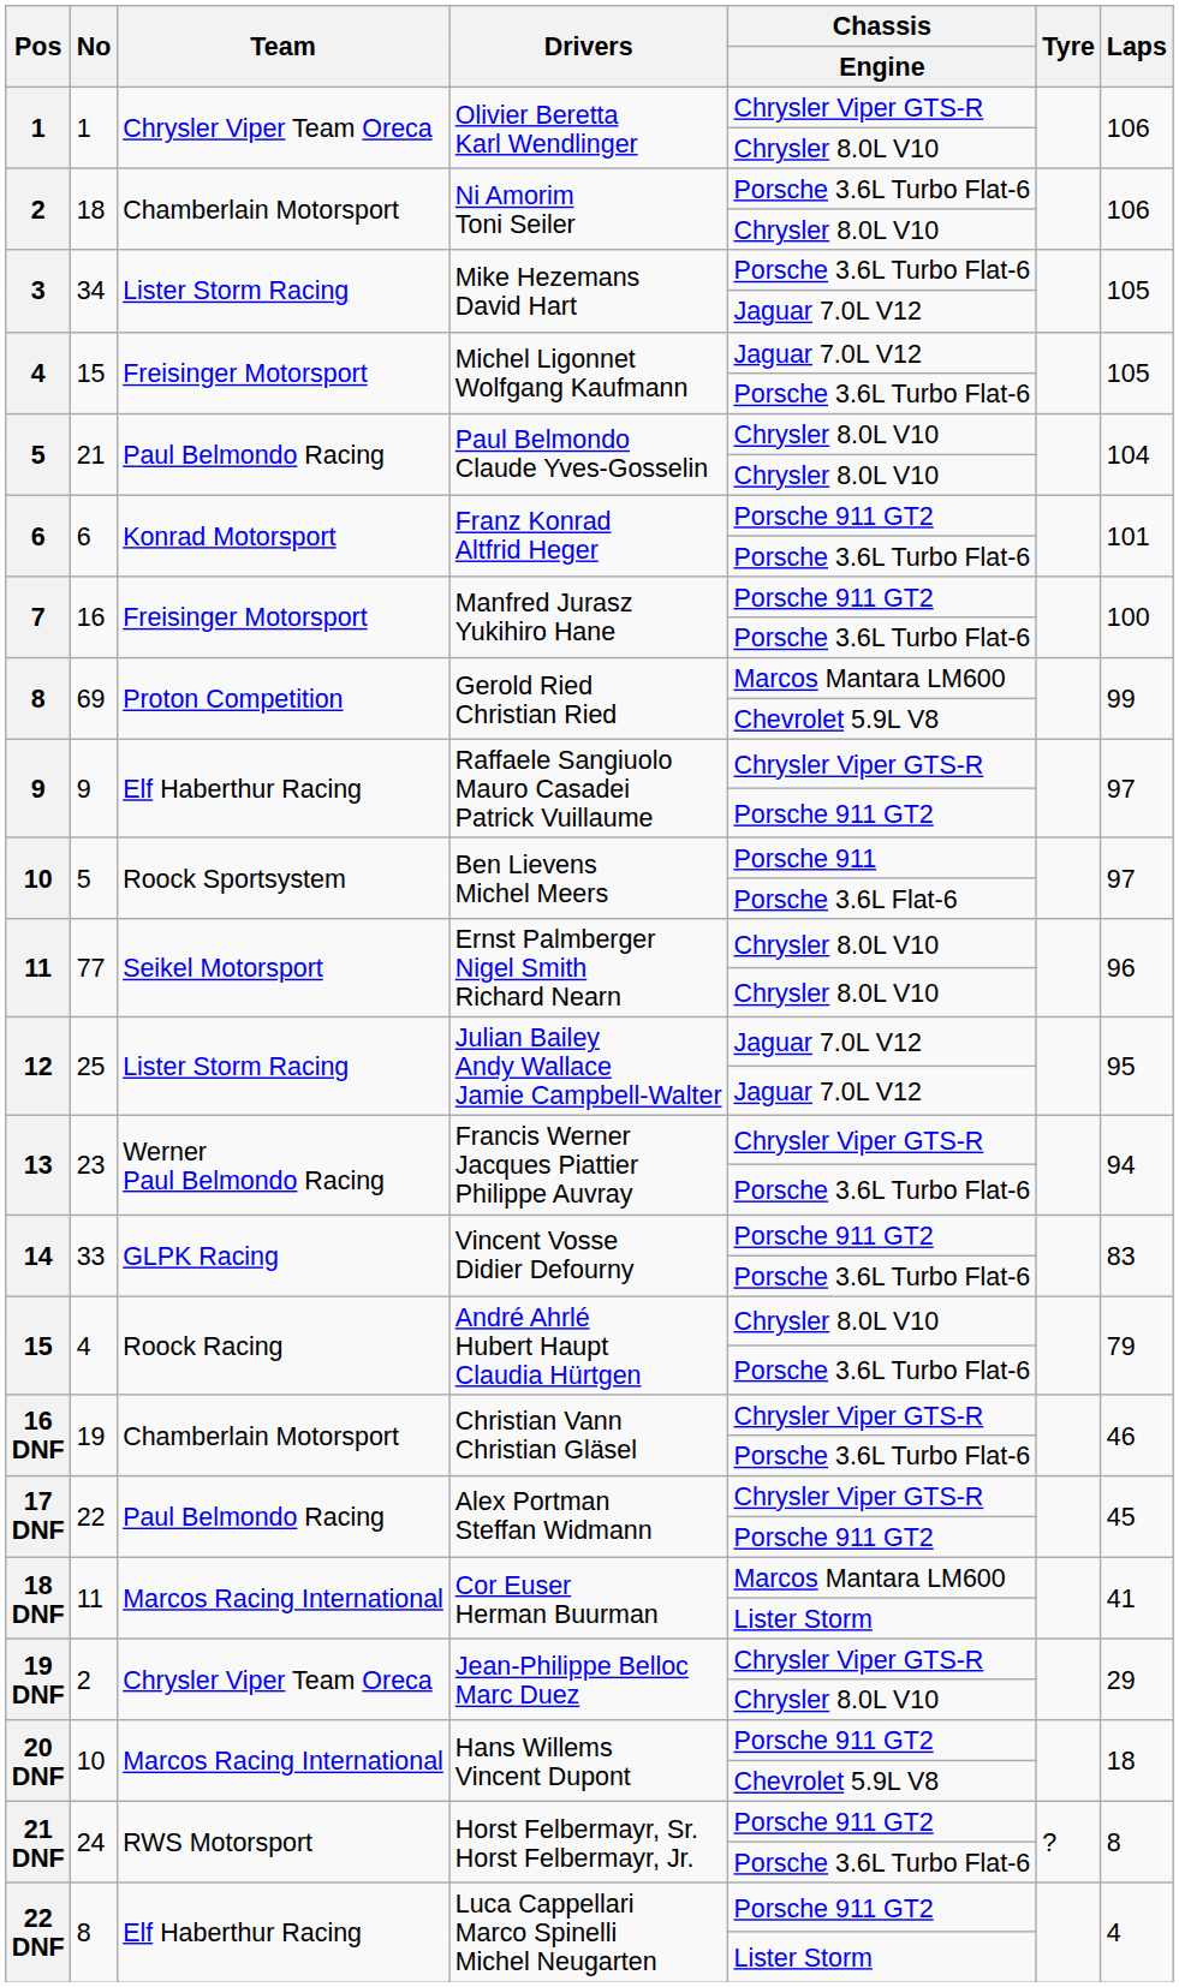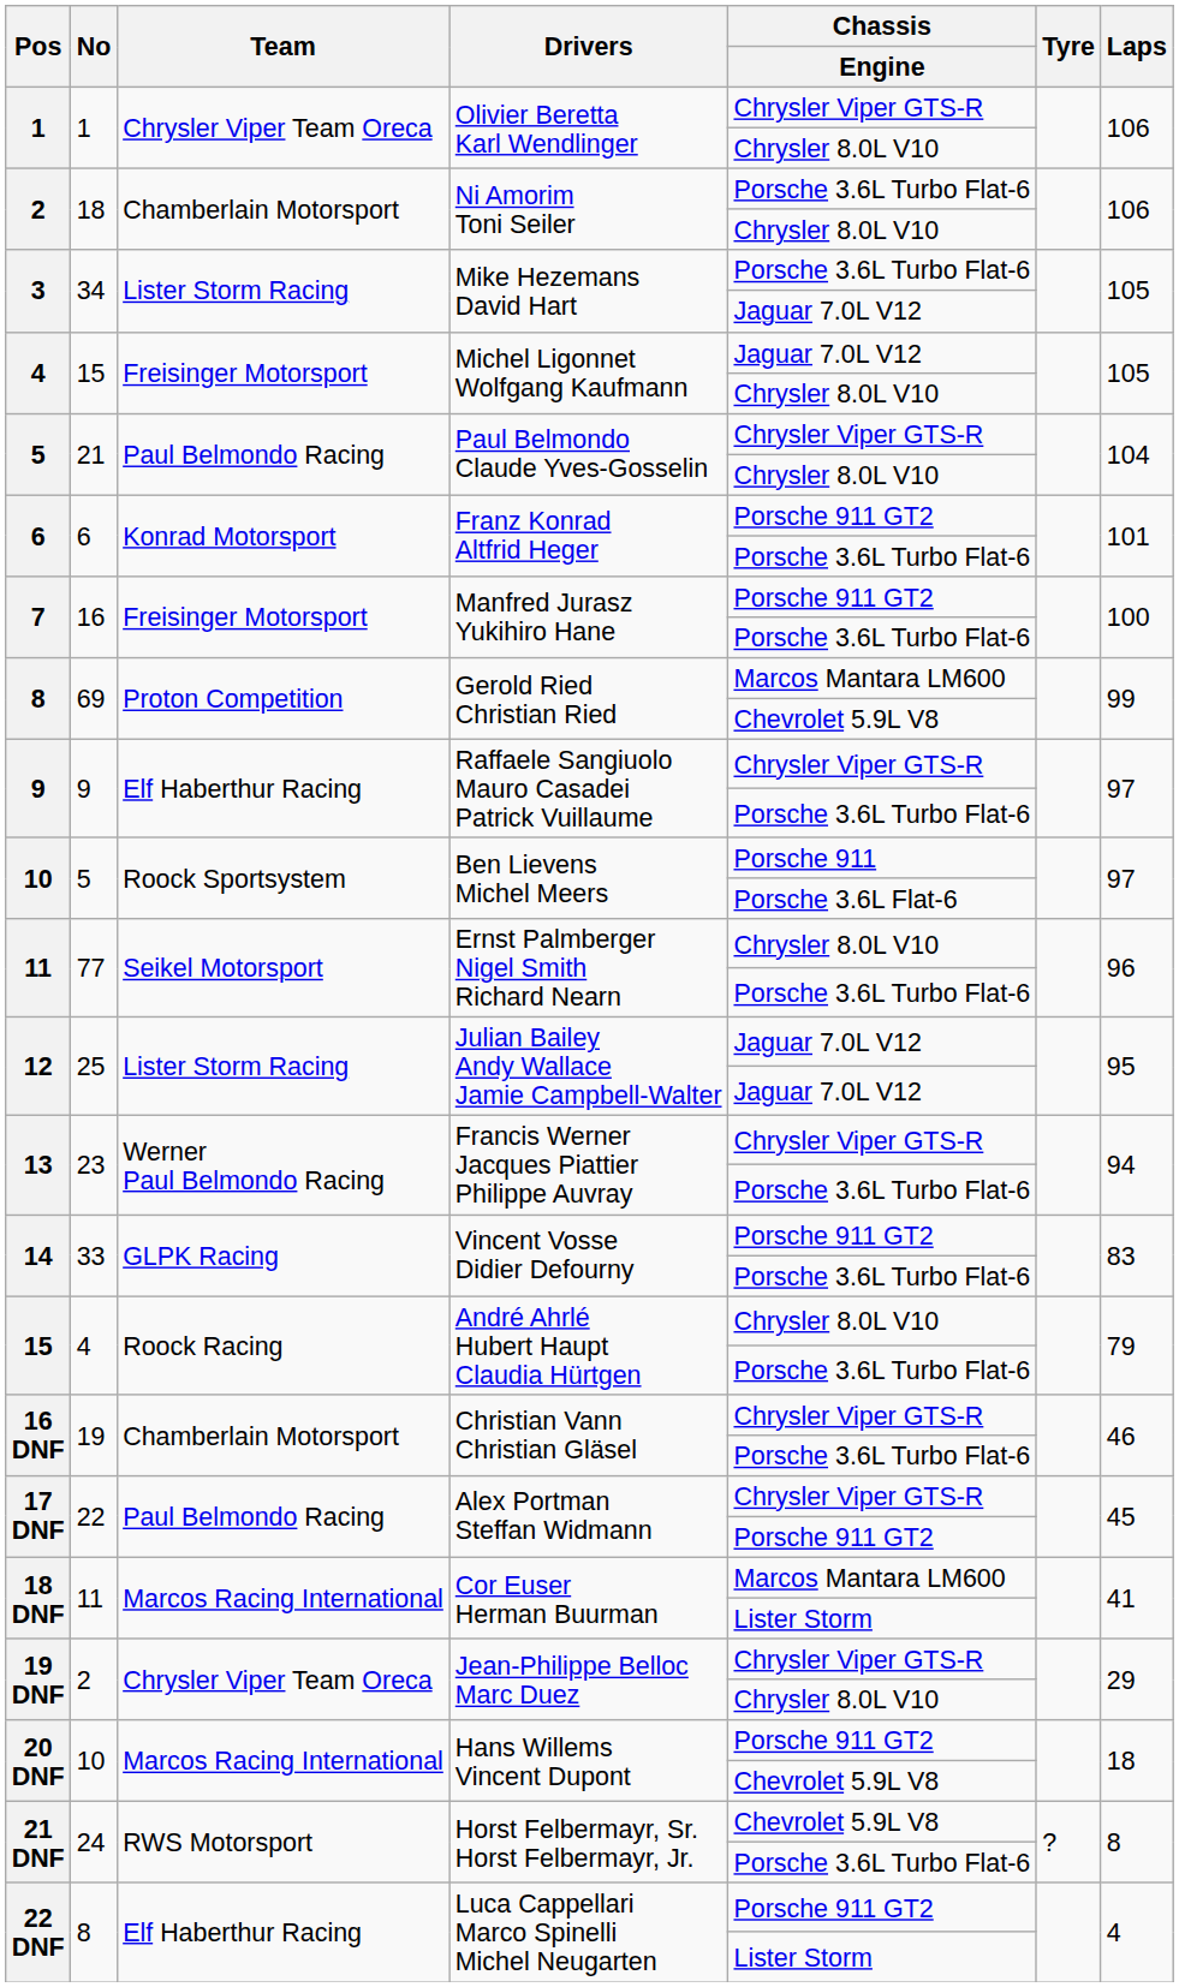 <table class="wikitable" style="font-size: 95%;">
 <tr>
 <th rowspan=2>Pos</th>
 <th rowspan=2>No</th>
 <th rowspan=2>Team</th>
 <th rowspan=2>Drivers</th>
 <th>Chassis</th>
 <th rowspan=2>Tyre</th>
 <th rowspan=2>Laps</th>
 </tr>
 <tr>
 <th>Engine</th>
 </tr>
 <tr>
 <th rowspan=2>1</th>
 <td rowspan=2>1</td>
 <td rowspan=2> <a href='#'>Chrysler Viper</a> Team <a href='#'>Oreca</a></td>
 <td rowspan=2> <a href='#'>Olivier Beretta</a><br> <a href='#'>Karl Wendlinger</a></td>
 <td><a href='#'>Chrysler Viper GTS-R</a></td>
 <td rowspan=2></td>
 <td rowspan=2>106</td>
 </tr>
 <tr>
 <td><a href='#'>Chrysler</a> 8.0L V10</td>
 </tr>
 <tr>
 <th rowspan=2>2</th>
 <td rowspan=2>18</td>
 <td rowspan=2> Chamberlain Motorsport</td>
 <td rowspan=2> <a href='#'>Ni Amorim</a><br> Toni Seiler</td>
 <td><a href='#'>Porsche</a> 3.6L Turbo Flat-6</td>
 <td rowspan=2></td>
 <td rowspan=2>106</td>
 </tr>
 <tr>
 <td><a href='#'>Chrysler</a> 8.0L V10</td>
 </tr>
 <tr>
 <th rowspan=2>3</th>
 <td rowspan=2>34</td>
 <td rowspan=2> <a href='#'>Lister Storm Racing</a></td>
 <td rowspan=2> Mike Hezemans<br> David Hart</td>
 <td><a href='#'>Porsche</a> 3.6L Turbo Flat-6</td>
 <td rowspan=2></td>
 <td rowspan=2>105</td>
 </tr>
 <tr>
 <td><a href='#'>Jaguar</a> 7.0L V12</td>
 </tr>
 <tr>
 <th rowspan=2>4</th>
 <td rowspan=2>15</td>
 <td rowspan=2> <a href='#'>Freisinger Motorsport</a></td>
 <td rowspan=2> Michel Ligonnet<br> Wolfgang Kaufmann</td>
 <td><a href='#'>Jaguar</a> 7.0L V12</td>
 <td rowspan=2></td>
 <td rowspan=2>105</td>
 </tr>
 <tr>
-<td><a href='#'>Porsche</a> 3.6L Turbo Flat-6</td>
+<td><a href='#'>Chrysler</a> 8.0L V10</td>
 </tr>
 <tr>
 <th rowspan=2>5</th>
 <td rowspan=2>21</td>
 <td rowspan=2> <a href='#'>Paul Belmondo</a> Racing</td>
 <td rowspan=2> <a href='#'>Paul Belmondo</a><br> Claude Yves-Gosselin</td>
-<td><a href='#'>Chrysler</a> 8.0L V10</td>
+<td><a href='#'>Chrysler Viper GTS-R</a></td>
 <td rowspan=2></td>
 <td rowspan=2>104</td>
 </tr>
 <tr>
 <td><a href='#'>Chrysler</a> 8.0L V10</td>
 </tr>
 <tr>
 <th rowspan=2>6</th>
 <td rowspan=2>6</td>
 <td rowspan=2> <a href='#'>Konrad Motorsport</a></td>
 <td rowspan=2> <a href='#'>Franz Konrad</a><br> <a href='#'>Altfrid Heger</a></td>
 <td><a href='#'>Porsche 911 GT2</a></td>
 <td rowspan=2></td>
 <td rowspan=2>101</td>
 </tr>
 <tr>
 <td><a href='#'>Porsche</a> 3.6L Turbo Flat-6</td>
 </tr>
 <tr>
 <th rowspan=2>7</th>
 <td rowspan=2>16</td>
 <td rowspan=2> <a href='#'>Freisinger Motorsport</a></td>
 <td rowspan=2> Manfred Jurasz<br> Yukihiro Hane</td>
 <td><a href='#'>Porsche 911 GT2</a></td>
 <td rowspan=2></td>
 <td rowspan=2>100</td>
 </tr>
 <tr>
 <td><a href='#'>Porsche</a> 3.6L Turbo Flat-6</td>
 </tr>
 <tr>
 <th rowspan=2>8</th>
 <td rowspan=2>69</td>
 <td rowspan=2> <a href='#'>Proton Competition</a></td>
 <td rowspan=2> Gerold Ried<br> Christian Ried</td>
 <td><a href='#'>Marcos</a> Mantara LM600</td>
 <td rowspan=2></td>
 <td rowspan=2>99</td>
 </tr>
 <tr>
 <td><a href='#'>Chevrolet</a> 5.9L V8</td>
 </tr>
 <tr>
 <th rowspan=2>9</th>
 <td rowspan=2>9</td>
 <td rowspan=2> <a href='#'>Elf</a> Haberthur Racing</td>
 <td rowspan=2> Raffaele Sangiuolo<br> Mauro Casadei<br> Patrick Vuillaume</td>
 <td><a href='#'>Chrysler Viper GTS-R</a></td>
 <td rowspan=2></td>
 <td rowspan=2>97</td>
 </tr>
 <tr>
-<td><a href='#'>Porsche 911 GT2</a></td>
+<td><a href='#'>Porsche</a> 3.6L Turbo Flat-6</td>
 </tr>
 <tr>
 <th rowspan=2>10</th>
 <td rowspan=2>5</td>
 <td rowspan=2> Roock Sportsystem</td>
 <td rowspan=2> Ben Lievens<br> Michel Meers</td>
 <td><a href='#'>Porsche 911</a></td>
 <td rowspan=2></td>
 <td rowspan=2>97</td>
 </tr>
 <tr>
 <td><a href='#'>Porsche</a> 3.6L Flat-6</td>
 </tr>
 <tr>
 <th rowspan=2>11</th>
 <td rowspan=2>77</td>
 <td rowspan=2> <a href='#'>Seikel Motorsport</a></td>
 <td rowspan=2> Ernst Palmberger<br> <a href='#'>Nigel Smith</a><br> Richard Nearn</td>
 <td><a href='#'>Chrysler</a> 8.0L V10</td>
 <td rowspan=2></td>
 <td rowspan=2>96</td>
 </tr>
 <tr>
-<td><a href='#'>Chrysler</a> 8.0L V10</td>
+<td><a href='#'>Porsche</a> 3.6L Turbo Flat-6</td>
 </tr>
 <tr>
 <th rowspan=2>12</th>
 <td rowspan=2>25</td>
 <td rowspan=2> <a href='#'>Lister Storm Racing</a></td>
 <td rowspan=2> <a href='#'>Julian Bailey</a><br> <a href='#'>Andy Wallace</a><br> <a href='#'>Jamie Campbell-Walter</a></td>
 <td><a href='#'>Jaguar</a> 7.0L V12</td>
 <td rowspan=2></td>
 <td rowspan=2>95</td>
 </tr>
 <tr>
 <td><a href='#'>Jaguar</a> 7.0L V12</td>
 </tr>
 <tr>
 <th rowspan=2>13</th>
 <td rowspan=2>23</td>
 <td rowspan=2> Werner<br> <a href='#'>Paul Belmondo</a> Racing</td>
 <td rowspan=2> Francis Werner<br> Jacques Piattier<br> Philippe Auvray</td>
 <td><a href='#'>Chrysler Viper GTS-R</a></td>
 <td rowspan=2></td>
 <td rowspan=2>94</td>
 </tr>
 <tr>
 <td><a href='#'>Porsche</a> 3.6L Turbo Flat-6</td>
 </tr>
 <tr>
 <th rowspan=2>14</th>
 <td rowspan=2>33</td>
 <td rowspan=2> <a href='#'>GLPK Racing</a></td>
 <td rowspan=2> Vincent Vosse<br> Didier Defourny</td>
 <td><a href='#'>Porsche 911 GT2</a></td>
 <td rowspan=2></td>
 <td rowspan=2>83</td>
 </tr>
 <tr>
 <td><a href='#'>Porsche</a> 3.6L Turbo Flat-6</td>
 </tr>
 <tr>
 <th rowspan=2>15</th>
 <td rowspan=2>4</td>
 <td rowspan=2> Roock Racing</td>
 <td rowspan=2> <a href='#'>André Ahrlé</a><br> Hubert Haupt<br> <a href='#'>Claudia Hürtgen</a></td>
 <td><a href='#'>Chrysler</a> 8.0L V10</td>
 <td rowspan=2></td>
 <td rowspan=2>79</td>
 </tr>
 <tr>
 <td><a href='#'>Porsche</a> 3.6L Turbo Flat-6</td>
 </tr>
 <tr>
 <th rowspan=2>16<br>DNF</th>
 <td rowspan=2>19</td>
 <td rowspan=2> Chamberlain Motorsport</td>
 <td rowspan=2> Christian Vann<br> Christian Gläsel</td>
 <td><a href='#'>Chrysler Viper GTS-R</a></td>
 <td rowspan=2></td>
 <td rowspan=2>46</td>
 </tr>
 <tr>
 <td><a href='#'>Porsche</a> 3.6L Turbo Flat-6</td>
 </tr>
 <tr>
 <th rowspan=2>17<br>DNF</th>
 <td rowspan=2>22</td>
 <td rowspan=2> <a href='#'>Paul Belmondo</a> Racing</td>
 <td rowspan=2> Alex Portman<br> Steffan Widmann</td>
 <td><a href='#'>Chrysler Viper GTS-R</a></td>
 <td rowspan=2></td>
 <td rowspan=2>45</td>
 </tr>
 <tr>
 <td><a href='#'>Porsche 911 GT2</a></td>
 </tr>
 <tr>
 <th rowspan=2>18<br>DNF</th>
 <td rowspan=2>11</td>
 <td rowspan=2> <a href='#'>Marcos Racing International</a></td>
 <td rowspan=2> <a href='#'>Cor Euser</a><br> Herman Buurman</td>
 <td><a href='#'>Marcos</a> Mantara LM600</td>
 <td rowspan=2></td>
 <td rowspan=2>41</td>
 </tr>
 <tr>
 <td><a href='#'>Lister Storm</a></td>
 </tr>
 <tr>
 <th rowspan=2>19<br>DNF</th>
 <td rowspan=2>2</td>
 <td rowspan=2> <a href='#'>Chrysler Viper</a> Team <a href='#'>Oreca</a></td>
 <td rowspan=2> <a href='#'>Jean-Philippe Belloc</a><br> <a href='#'>Marc Duez</a></td>
 <td><a href='#'>Chrysler Viper GTS-R</a></td>
 <td rowspan=2></td>
 <td rowspan=2>29</td>
 </tr>
 <tr>
 <td><a href='#'>Chrysler</a> 8.0L V10</td>
 </tr>
 <tr>
 <th rowspan=2>20<br>DNF</th>
 <td rowspan=2>10</td>
 <td rowspan=2> <a href='#'>Marcos Racing International</a></td>
 <td rowspan=2> Hans Willems<br> Vincent Dupont</td>
 <td><a href='#'>Porsche 911 GT2</a></td>
 <td rowspan=2></td>
 <td rowspan=2>18</td>
 </tr>
 <tr>
 <td><a href='#'>Chevrolet</a> 5.9L V8</td>
 </tr>
 <tr>
 <th rowspan=2>21<br>DNF</th>
 <td rowspan=2>24</td>
 <td rowspan=2> RWS Motorsport</td>
 <td rowspan=2> Horst Felbermayr, Sr.<br> Horst Felbermayr, Jr.</td>
-<td><a href='#'>Porsche 911 GT2</a></td>
+<td><a href='#'>Chevrolet</a> 5.9L V8</td>
 <td rowspan=2>?</td>
 <td rowspan=2>8</td>
 </tr>
 <tr>
 <td><a href='#'>Porsche</a> 3.6L Turbo Flat-6</td>
 </tr>
 <tr>
 <th rowspan=2>22<br>DNF</th>
 <td rowspan=2>8</td>
 <td rowspan=2> <a href='#'>Elf</a> Haberthur Racing</td>
 <td rowspan=2> Luca Cappellari<br> Marco Spinelli<br> Michel Neugarten</td>
 <td><a href='#'>Porsche 911 GT2</a></td>
 <td rowspan=2></td>
 <td rowspan=2>4</td>
 </tr>
 <tr>
 <td><a href='#'>Lister Storm</a></td>
 </tr>
 </table>
